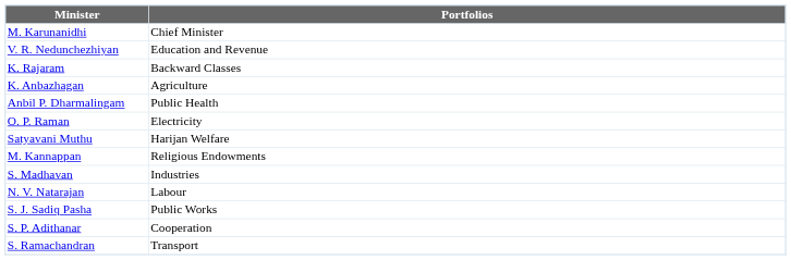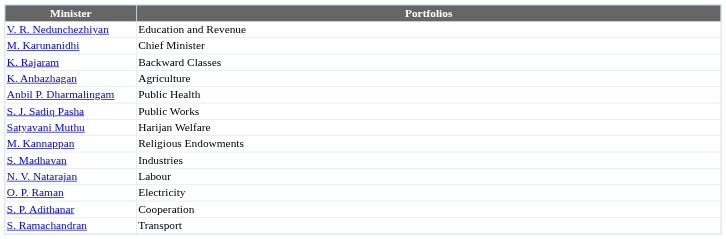 <table width="80%" cellpadding="2" cellspacing="0" border="1" style="border-collapse: collapse; border: 2px #DEE8F1 solid; font-size: x-big; font-family: verdana">
 <tr>
 <th style="background-color:#666666; color:white; width:180px">Minister</th>
 <th style="background-color:#666666; color:white">Portfolios</th>
 </tr>
 <tr -->
+<td><a href='#'>V. R. Nedunchezhiyan</a></td>
+<td>Education and Revenue</td>
+</tr>
+<tr -->
 <td><a href='#'>M. Karunanidhi</a></td>
 <td>Chief Minister</td>
-</tr>
-<tr -->
-<td><a href='#'>V. R. Nedunchezhiyan</a></td>
-<td>Education and Revenue</td>
 </tr>
 <tr -->
 <td><a href='#'>K. Rajaram</a></td>
 <td>Backward Classes</td>
 </tr>
 <tr -->
 <td><a href='#'>K. Anbazhagan</a></td>
 <td>Agriculture</td>
 </tr>
 <tr -->
 <td><a href='#'>Anbil P. Dharmalingam</a></td>
 <td>Public Health</td>
 </tr>
 <tr -->
-<td><a href='#'>O. P. Raman</a></td>
-<td>Electricity</td>
+<td><a href='#'>S. J. Sadiq Pasha</a></td>
+<td>Public Works</td>
 </tr>
 <tr -->
 <td><a href='#'>Satyavani Muthu</a></td>
 <td>Harijan Welfare</td>
 </tr>
 <tr -->
 <td><a href='#'>M. Kannappan</a></td>
 <td>Religious Endowments</td>
 </tr>
 <tr -->
 <td><a href='#'>S. Madhavan</a></td>
 <td>Industries</td>
 </tr>
 <tr -->
 <td><a href='#'>N. V. Natarajan</a></td>
 <td>Labour</td>
 </tr>
 <tr -->
-<td><a href='#'>S. J. Sadiq Pasha</a></td>
-<td>Public Works</td>
+<td><a href='#'>O. P. Raman</a></td>
+<td>Electricity</td>
 </tr>
 <tr -->
 <td><a href='#'>S. P. Adithanar</a></td>
 <td>Cooperation</td>
 </tr>
 <tr -->
 <td><a href='#'>S. Ramachandran</a></td>
 <td>Transport</td>
 </tr>
 </table>
